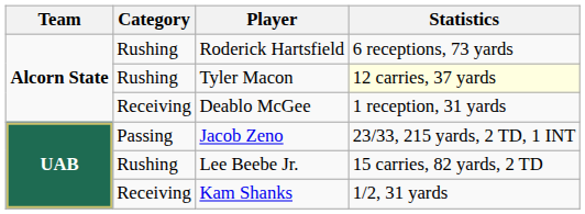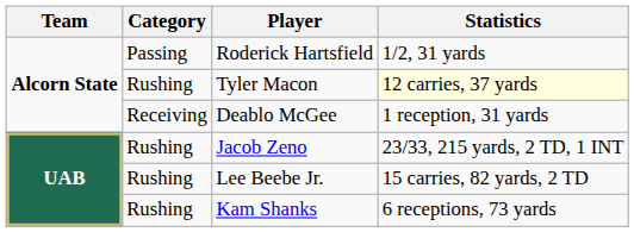 <table class="wikitable" style="float: right;">
 <tr>
 <th>Team</th>
 <th>Category</th>
 <th>Player</th>
 <th>Statistics</th>
 </tr>
 <tr>
 <td rowspan=3><strong>Alcorn State</strong></td>
-<td>Rushing</td>
+<td>Passing</td>
 <td>Roderick Hartsfield</td>
-<td>6 receptions, 73 yards</td>
+<td>1/2, 31 yards</td>
 </tr>
 <tr>
 <td>Rushing</td>
 <td>Tyler Macon</td>
 <td style="background: lightyellow;">12 carries, 37 yards</td>
 </tr>
 <tr>
 <td>Receiving</td>
 <td>Deablo McGee</td>
 <td>1 reception, 31 yards</td>
 </tr>
 <tr>
 <td rowspan=3 style="background-color:#1E6B52;color:#FFFFFF;box-shadow: inset 2px 2px 0 #CDC26C, inset -2px -2px 0 #CDC26C; text-align:center;"><strong>UAB</strong></td>
-<td>Passing</td>
+<td>Rushing</td>
 <td><a href='#'>Jacob Zeno</a></td>
 <td>23/33, 215 yards, 2 TD, 1 INT</td>
 </tr>
 <tr>
 <td>Rushing</td>
 <td>Lee Beebe Jr.</td>
 <td>15 carries, 82 yards, 2 TD</td>
 </tr>
 <tr>
-<td>Receiving</td>
+<td>Rushing</td>
 <td><a href='#'>Kam Shanks</a></td>
-<td>1/2, 31 yards</td>
+<td>6 receptions, 73 yards</td>
 </tr>
 </table>
